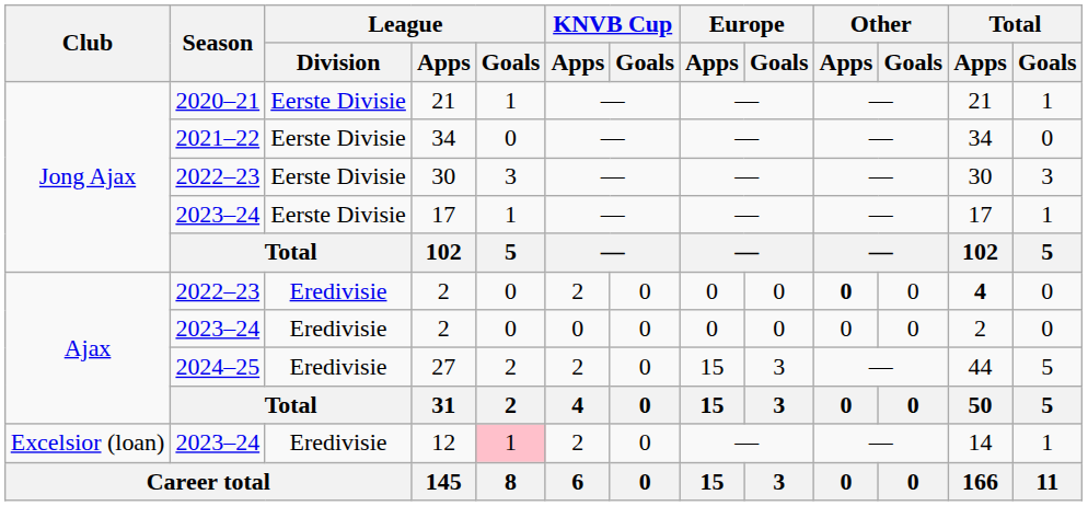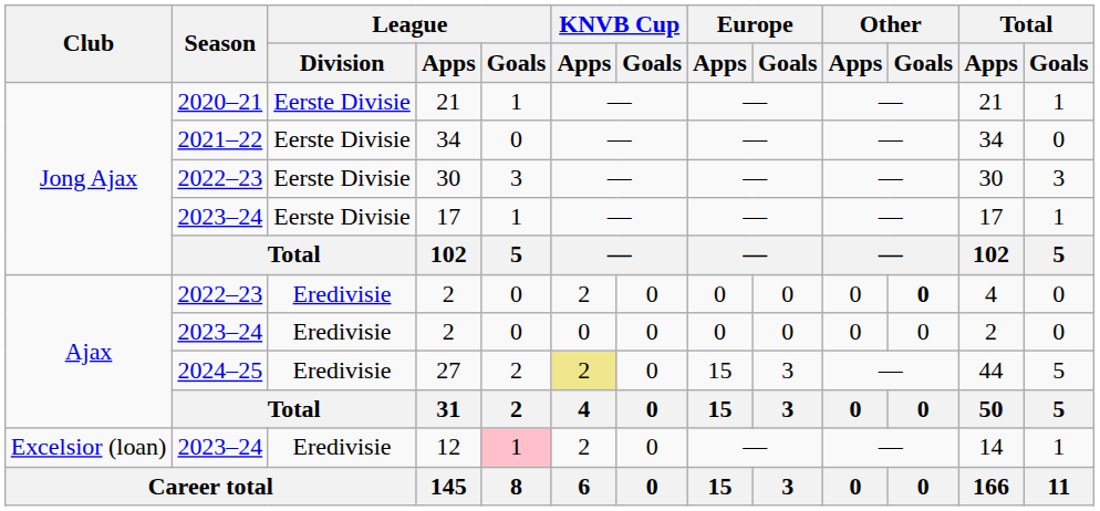 <table class="wikitable" style="text-align: center;">
 <tr>
 <th rowspan="2">Club</th>
 <th rowspan="2">Season</th>
 <th colspan="3">League</th>
 <th colspan="2"><a href='#'>KNVB Cup</a></th>
 <th colspan="2">Europe</th>
 <th colspan="2">Other</th>
 <th colspan="2">Total</th>
 </tr>
 <tr>
 <th>Division</th>
 <th>Apps</th>
 <th>Goals</th>
 <th>Apps</th>
 <th>Goals</th>
 <th>Apps</th>
 <th>Goals</th>
 <th>Apps</th>
 <th>Goals</th>
 <th>Apps</th>
 <th>Goals</th>
 </tr>
 <tr>
 <td rowspan="5"><a href='#'>Jong Ajax</a></td>
 <td><a href='#'>2020–21</a></td>
 <td><a href='#'>Eerste Divisie</a></td>
 <td>21</td>
 <td>1</td>
 <td colspan="2">—</td>
 <td colspan="2">—</td>
 <td colspan="2">—</td>
 <td>21</td>
 <td>1</td>
 </tr>
 <tr>
 <td><a href='#'>2021–22</a></td>
 <td>Eerste Divisie</td>
 <td>34</td>
 <td>0</td>
 <td colspan="2">—</td>
 <td colspan="2">—</td>
 <td colspan="2">—</td>
 <td>34</td>
 <td>0</td>
 </tr>
 <tr>
 <td><a href='#'>2022–23</a></td>
 <td>Eerste Divisie</td>
 <td>30</td>
 <td>3</td>
 <td colspan="2">—</td>
 <td colspan="2">—</td>
 <td colspan="2">—</td>
 <td>30</td>
 <td>3</td>
 </tr>
 <tr>
 <td><a href='#'>2023–24</a></td>
 <td>Eerste Divisie</td>
 <td>17</td>
 <td>1</td>
 <td colspan="2">—</td>
 <td colspan="2">—</td>
 <td colspan="2">—</td>
 <td>17</td>
 <td>1</td>
 </tr>
 <tr>
 <th colspan="2">Total</th>
 <th>102</th>
 <th>5</th>
 <th colspan="2">—</th>
 <th colspan="2">—</th>
 <th colspan="2">—</th>
 <th>102</th>
 <th>5</th>
 </tr>
 <tr>
 <td rowspan="4"><a href='#'>Ajax</a></td>
 <td><a href='#'>2022–23</a></td>
 <td><a href='#'>Eredivisie</a></td>
 <td>2</td>
 <td>0</td>
 <td>2</td>
 <td>0</td>
 <td>0</td>
 <td>0</td>
+<td>0</td>
 <td><strong>0</strong></td>
-<td>0</td>
-<td><strong>4</strong></td>
+<td>4</td>
 <td>0</td>
 </tr>
 <tr>
 <td><a href='#'>2023–24</a></td>
 <td>Eredivisie</td>
 <td>2</td>
 <td>0</td>
 <td>0</td>
 <td>0</td>
 <td>0</td>
 <td>0</td>
 <td>0</td>
 <td>0</td>
 <td>2</td>
 <td>0</td>
 </tr>
 <tr>
 <td><a href='#'>2024–25</a></td>
 <td>Eredivisie</td>
 <td>27</td>
 <td>2</td>
-<td>2</td>
+<td style="background: khaki;">2</td>
 <td>0</td>
 <td>15</td>
 <td>3</td>
 <td colspan="2">—</td>
 <td>44</td>
 <td>5</td>
 </tr>
 <tr>
 <th colspan="2">Total</th>
 <th>31</th>
 <th>2</th>
 <th>4</th>
 <th>0</th>
 <th>15</th>
 <th>3</th>
 <th>0</th>
 <th>0</th>
 <th>50</th>
 <th>5</th>
 </tr>
 <tr>
 <td><a href='#'>Excelsior</a> (loan)</td>
 <td><a href='#'>2023–24</a></td>
 <td>Eredivisie</td>
 <td>12</td>
 <td style="background: pink;">1</td>
 <td>2</td>
 <td>0</td>
 <td colspan="2">—</td>
 <td colspan="2">—</td>
 <td>14</td>
 <td>1</td>
 </tr>
 <tr>
 <th colspan="3">Career total</th>
 <th>145</th>
 <th>8</th>
 <th>6</th>
 <th>0</th>
 <th>15</th>
 <th>3</th>
 <th>0</th>
 <th>0</th>
 <th>166</th>
 <th>11</th>
 </tr>
 </table>
